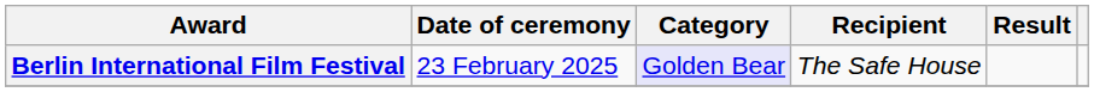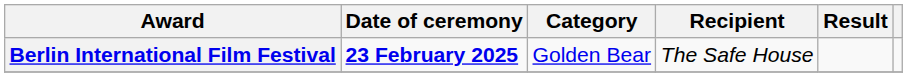 <table class="wikitable sortable plainrowheaders">
 <tr>
 <th>Award</th>
 <th>Date of ceremony</th>
 <th>Category</th>
 <th>Recipient</th>
 <th>Result</th>
 <th></th>
 </tr>
 <tr>
 <th scope="row" rowspan="1"><a href='#'>Berlin International Film Festival</a></th>
-<td rowspan="1"><a href='#'>23 February 2025</a></td>
-<td style="background: lavender;"><a href='#'>Golden Bear</a></td>
+<td rowspan="1"><strong><a href='#'>23 February 2025</a></strong></td>
+<td><a href='#'>Golden Bear</a></td>
 <td><em>The Safe House</em></td>
 <td></td>
 <td align="center"></td>
 </tr>
 <tr>
 </tr>
 </table>
